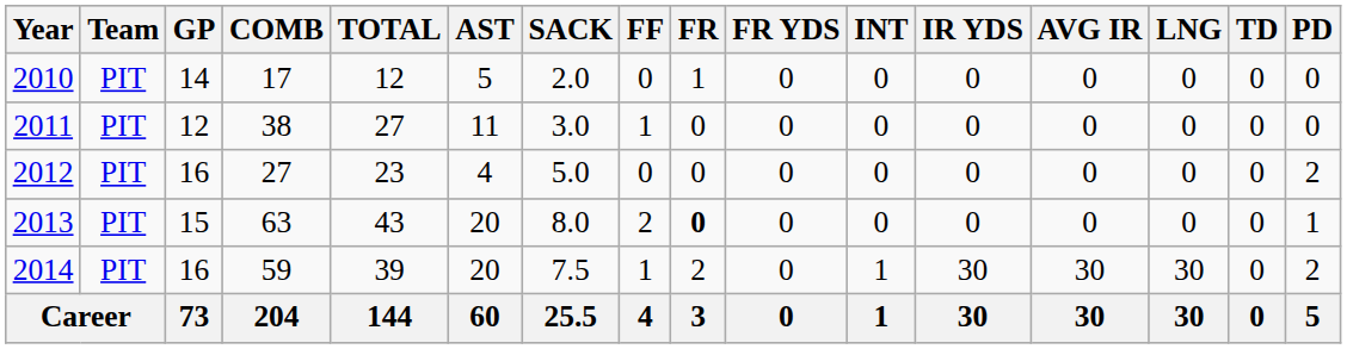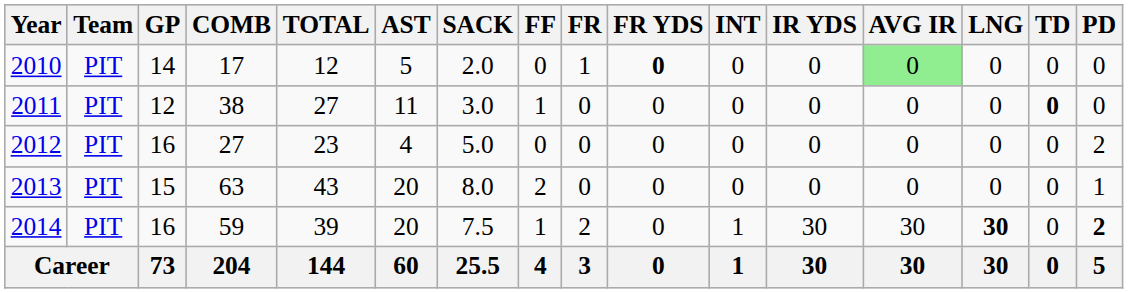 <table class="wikitable" style="text-align:center">
 <tr>
 <th>Year</th>
 <th>Team</th>
 <th>GP</th>
 <th>COMB</th>
 <th>TOTAL</th>
 <th>AST</th>
 <th>SACK</th>
 <th>FF</th>
 <th>FR</th>
 <th>FR YDS</th>
 <th>INT</th>
 <th>IR YDS</th>
 <th>AVG IR</th>
 <th>LNG</th>
 <th>TD</th>
 <th>PD</th>
 </tr>
 <tr>
 <td><a href='#'>2010</a></td>
 <td><a href='#'>PIT</a></td>
 <td>14</td>
 <td>17</td>
 <td>12</td>
 <td>5</td>
 <td>2.0</td>
 <td>0</td>
 <td>1</td>
+<td><strong>0</strong></td>
 <td>0</td>
 <td>0</td>
-<td>0</td>
-<td>0</td>
+<td style="background: lightgreen;">0</td>
 <td>0</td>
 <td>0</td>
 <td>0</td>
 </tr>
 <tr>
 <td><a href='#'>2011</a></td>
 <td><a href='#'>PIT</a></td>
 <td>12</td>
 <td>38</td>
 <td>27</td>
 <td>11</td>
 <td>3.0</td>
 <td>1</td>
 <td>0</td>
 <td>0</td>
 <td>0</td>
 <td>0</td>
 <td>0</td>
 <td>0</td>
-<td>0</td>
+<td><strong>0</strong></td>
 <td>0</td>
 </tr>
 <tr>
 <td><a href='#'>2012</a></td>
 <td><a href='#'>PIT</a></td>
 <td>16</td>
 <td>27</td>
 <td>23</td>
 <td>4</td>
 <td>5.0</td>
 <td>0</td>
 <td>0</td>
 <td>0</td>
 <td>0</td>
 <td>0</td>
 <td>0</td>
 <td>0</td>
 <td>0</td>
 <td>2</td>
 </tr>
 <tr>
 <td><a href='#'>2013</a></td>
 <td><a href='#'>PIT</a></td>
 <td>15</td>
 <td>63</td>
 <td>43</td>
 <td>20</td>
 <td>8.0</td>
 <td>2</td>
-<td><strong>0</strong></td>
+<td>0</td>
 <td>0</td>
 <td>0</td>
 <td>0</td>
 <td>0</td>
 <td>0</td>
 <td>0</td>
 <td>1</td>
 </tr>
 <tr>
 <td><a href='#'>2014</a></td>
 <td><a href='#'>PIT</a></td>
 <td>16</td>
 <td>59</td>
 <td>39</td>
 <td>20</td>
 <td>7.5</td>
 <td>1</td>
 <td>2</td>
 <td>0</td>
 <td>1</td>
 <td>30</td>
 <td>30</td>
-<td>30</td>
+<td><strong>30</strong></td>
 <td>0</td>
-<td>2</td>
+<td><strong>2</strong></td>
 </tr>
 <tr>
 <th colspan="2">Career</th>
 <th>73</th>
 <th>204</th>
 <th>144</th>
 <th>60</th>
 <th>25.5</th>
 <th>4</th>
 <th>3</th>
 <th>0</th>
 <th>1</th>
 <th>30</th>
 <th>30</th>
 <th>30</th>
 <th>0</th>
 <th>5</th>
 </tr>
 </table>
